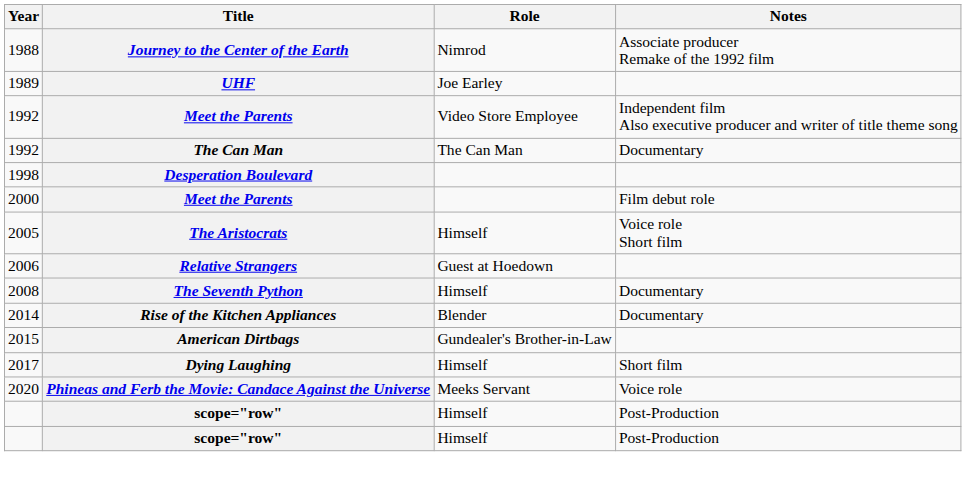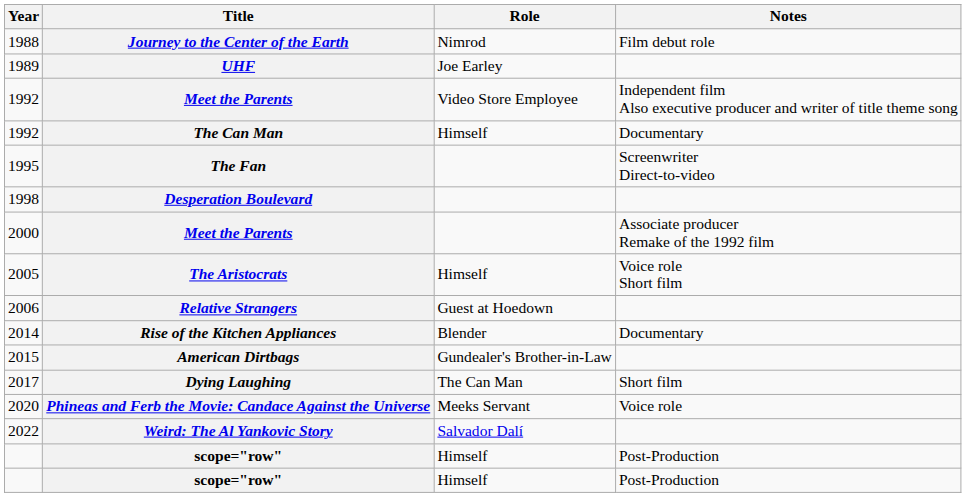 <table class="wikitable plainrowheaders sortable">
 <tr>
 <th scope="col">Year</th>
 <th scope="col">Title</th>
 <th scope="col">Role</th>
 <th scope="col" class="unsortable">Notes</th>
 </tr>
 <tr>
 <td>1988</td>
 <th scope="row"><em><a href='#'>Journey to the Center of the Earth</a></em></th>
 <td>Nimrod</td>
-<td>Associate producer<br>Remake of the 1992 film</td>
+<td>Film debut role</td>
 </tr>
 <tr>
 <td>1989</td>
 <th scope="row"><em><a href='#'>UHF</a></em></th>
 <td>Joe Earley</td>
 <td></td>
 </tr>
 <tr>
 <td>1992</td>
 <th scope="row"><em><a href='#'>Meet the Parents</a></em></th>
 <td>Video Store Employee</td>
 <td>Independent film<br>Also executive producer and writer of title theme song</td>
 </tr>
 <tr>
 <td>1992</td>
 <th scope="row"><em>The Can Man</em></th>
-<td>The Can Man</td>
+<td>Himself</td>
 <td>Documentary</td>
+</tr>
+<tr>
+<td>1995</td>
+<th scope="row"><em>The Fan</em></th>
+<td></td>
+<td>Screenwriter<br>Direct-to-video</td>
 </tr>
 <tr>
 <td>1998</td>
 <th scope="row"><em><a href='#'>Desperation Boulevard</a></em></th>
 <td></td>
 <td></td>
 </tr>
 <tr>
 <td>2000</td>
 <th scope="row"><em><a href='#'>Meet the Parents</a></em></th>
 <td></td>
-<td>Film debut role</td>
+<td>Associate producer<br>Remake of the 1992 film</td>
 </tr>
 <tr>
 <td>2005</td>
 <th scope="row"><em><a href='#'>The Aristocrats</a></em></th>
 <td>Himself</td>
 <td>Voice role<br>Short film</td>
 </tr>
 <tr>
 <td>2006</td>
 <th scope="row"><em><a href='#'>Relative Strangers</a></em></th>
 <td>Guest at Hoedown</td>
 <td></td>
-</tr>
-<tr>
-<td>2008</td>
-<th scope="row"><em><a href='#'>The Seventh Python</a></em></th>
-<td>Himself</td>
-<td>Documentary</td>
 </tr>
 <tr>
 <td>2014</td>
 <th scope="row"><em>Rise of the Kitchen Appliances</em></th>
 <td>Blender</td>
 <td>Documentary</td>
 </tr>
 <tr>
 <td>2015</td>
 <th scope="row"><em>American Dirtbags</em></th>
 <td>Gundealer's Brother-in-Law</td>
 <td></td>
 </tr>
 <tr>
 <td>2017</td>
 <th scope="row"><em>Dying Laughing</em></th>
-<td>Himself</td>
+<td>The Can Man</td>
 <td>Short film</td>
 </tr>
 <tr>
 <td>2020</td>
 <th scope="row"><em><a href='#'>Phineas and Ferb the Movie: Candace Against the Universe</a></em></th>
 <td>Meeks Servant</td>
 <td>Voice role</td>
+</tr>
+<tr>
+<td>2022</td>
+<th scope="row"><em><a href='#'>Weird: The Al Yankovic Story</a></em></th>
+<td><a href='#'>Salvador Dalí</a></td>
+<td></td>
 </tr>
 <tr>
 <td></td>
 <th>scope="row" </th>
 <td>Himself</td>
 <td>Post-Production</td>
 </tr>
 <tr>
 <td></td>
 <th>scope="row" </th>
 <td>Himself</td>
 <td>Post-Production</td>
 </tr>
 </table>
